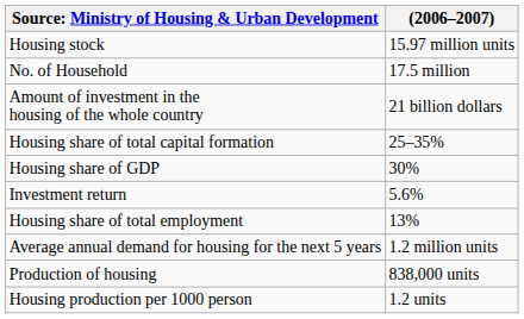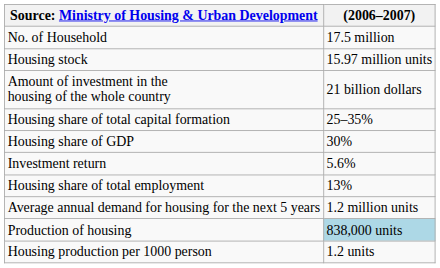 <table class="wikitable">
 <tr>
 <th>Source: <a href='#'> Ministry of Housing & Urban Development</a></th>
 <th>(2006–2007)</th>
 </tr>
 <tr>
+<td>No. of Household</td>
+<td>17.5 million</td>
+</tr>
+<tr>
 <td>Housing stock</td>
 <td>15.97 million units</td>
-</tr>
-<tr>
-<td>No. of Household</td>
-<td>17.5 million</td>
 </tr>
 <tr>
 <td>Amount of investment in the<br>housing of the whole country</td>
 <td>21 billion dollars</td>
 </tr>
 <tr>
 <td>Housing share of total capital formation</td>
 <td>25–35%</td>
 </tr>
 <tr>
 <td>Housing share of GDP</td>
 <td>30%</td>
 </tr>
 <tr>
 <td>Investment return</td>
 <td>5.6%</td>
 </tr>
 <tr>
 <td>Housing share of total employment</td>
 <td>13%</td>
 </tr>
 <tr>
 <td>Average annual demand for housing for the next 5 years</td>
 <td>1.2 million units</td>
 </tr>
 <tr>
 <td>Production of housing</td>
-<td>838,000 units</td>
+<td style="background: lightblue;">838,000 units</td>
 </tr>
 <tr>
 <td>Housing production per 1000 person</td>
 <td>1.2 units</td>
 </tr>
 </table>
